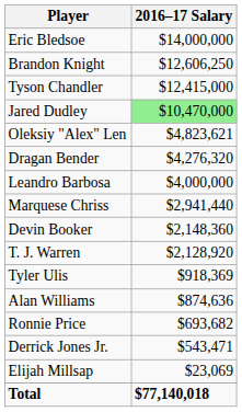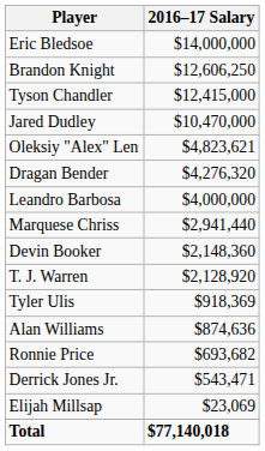 <table width=250 px; class="wikitable sortable sortable">
 <tr>
 <th style=>Player</th>
 <th style=>2016–17 Salary</th>
 </tr>
 <tr>
 <td>Eric Bledsoe</td>
 <td align="right">$14,000,000</td>
 </tr>
 <tr>
 <td>Brandon Knight</td>
 <td align="right">$12,606,250</td>
 </tr>
 <tr>
 <td>Tyson Chandler</td>
 <td align="right">$12,415,000</td>
 </tr>
 <tr>
 <td>Jared Dudley</td>
-<td align="right" style="background: lightgreen;">$10,470,000</td>
+<td align="right">$10,470,000</td>
 </tr>
 <tr>
 <td>Oleksiy "Alex" Len</td>
 <td align="right">$4,823,621</td>
 </tr>
 <tr>
 <td>Dragan Bender</td>
 <td align="right">$4,276,320</td>
 </tr>
 <tr>
 <td>Leandro Barbosa</td>
 <td align="right">$4,000,000</td>
 </tr>
 <tr>
 <td>Marquese Chriss</td>
 <td align="right">$2,941,440</td>
 </tr>
 <tr>
 <td>Devin Booker</td>
 <td align="right">$2,148,360</td>
 </tr>
 <tr>
 <td>T. J. Warren</td>
 <td align="right">$2,128,920</td>
 </tr>
 <tr>
 <td>Tyler Ulis</td>
 <td align="right">$918,369</td>
 </tr>
 <tr>
 <td>Alan Williams</td>
 <td align="right">$874,636</td>
 </tr>
 <tr>
 <td>Ronnie Price</td>
 <td align="right">$693,682</td>
 </tr>
 <tr>
 <td>Derrick Jones Jr.</td>
 <td align="right">$543,471</td>
 </tr>
 <tr>
 <td>Elijah Millsap</td>
 <td align="right">$23,069</td>
 </tr>
 <tr>
 </tr>
 <tr class="sortbottom">
 <td style=><strong>Total</strong></td>
 <td style=><strong>$77,140,018</strong></td>
 </tr>
 </table>
